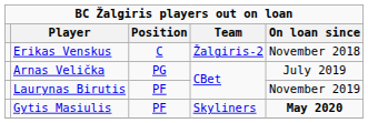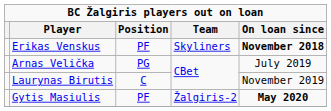 <table class="wikitable sortable" style="font-size: 95%; text-align:center;">
 <tr>
 <td colspan=6><strong>BC Žalgiris players out on loan</strong></td>
 </tr>
 <tr>
 <th></th>
 <th>Player</th>
 <th>Position</th>
 <th>Team</th>
 <th>On loan since</th>
 </tr>
 <tr>
 <td></td>
 <td style="text-align:left;"><a href='#'>Erikas Venskus</a></td>
-<td><a href='#'>C</a></td>
-<td style="text-align:left;"> <a href='#'>Žalgiris-2</a></td>
-<td>November 2018</td>
+<td><a href='#'>PF</a></td>
+<td style="text-align:left;"> <a href='#'>Skyliners</a></td>
+<td><strong>November 2018</strong></td>
 </tr>
 <tr>
 <td></td>
 <td style="text-align:left;"><a href='#'>Arnas Velička</a></td>
 <td><a href='#'>PG</a></td>
 <td style="text-align:left;" rowspan=2> <a href='#'>CBet</a></td>
 <td>July 2019</td>
 </tr>
 <tr>
 <td></td>
 <td style="text-align:left;"><a href='#'>Laurynas Birutis</a></td>
-<td><a href='#'>PF</a></td>
+<td><a href='#'>C</a></td>
 <td>November 2019</td>
 </tr>
 <tr>
 <td></td>
 <td style="text-align:left;"><a href='#'>Gytis Masiulis</a></td>
 <td><a href='#'>PF</a></td>
-<td style="text-align:left;"> <a href='#'>Skyliners</a></td>
+<td style="text-align:left;"> <a href='#'>Žalgiris-2</a></td>
 <td><strong>May 2020</strong></td>
 </tr>
 <tr>
 </tr>
 </table>
